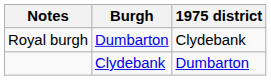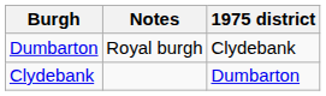 <table class="wikitable">
 <tr>
+<th>Burgh</th>
 <th>Notes</th>
-<th>Burgh</th>
 <th>1975 district</th>
 </tr>
 <tr>
+<td><a href='#'>Dumbarton</a></td>
 <td>Royal burgh</td>
-<td><a href='#'>Dumbarton</a></td>
 <td>Clydebank</td>
 </tr>
 <tr>
+<td><a href='#'>Clydebank</a></td>
 <td></td>
-<td><a href='#'>Clydebank</a></td>
 <td><a href='#'>Dumbarton</a></td>
 </tr>
 </table>
